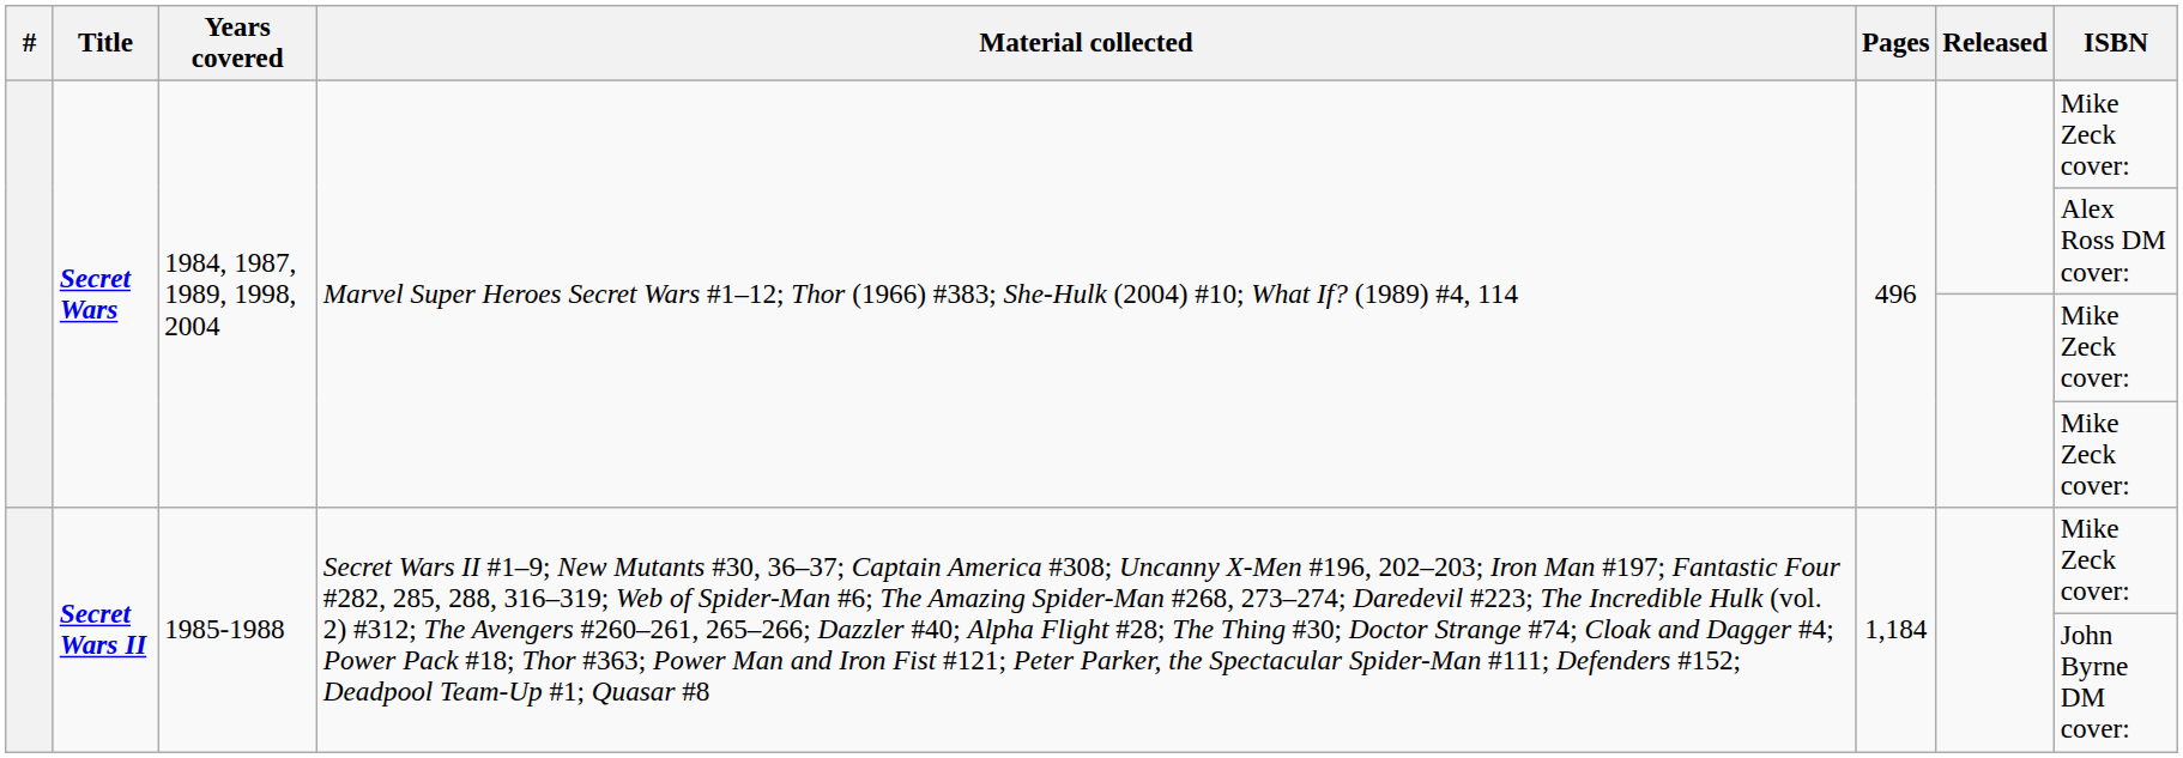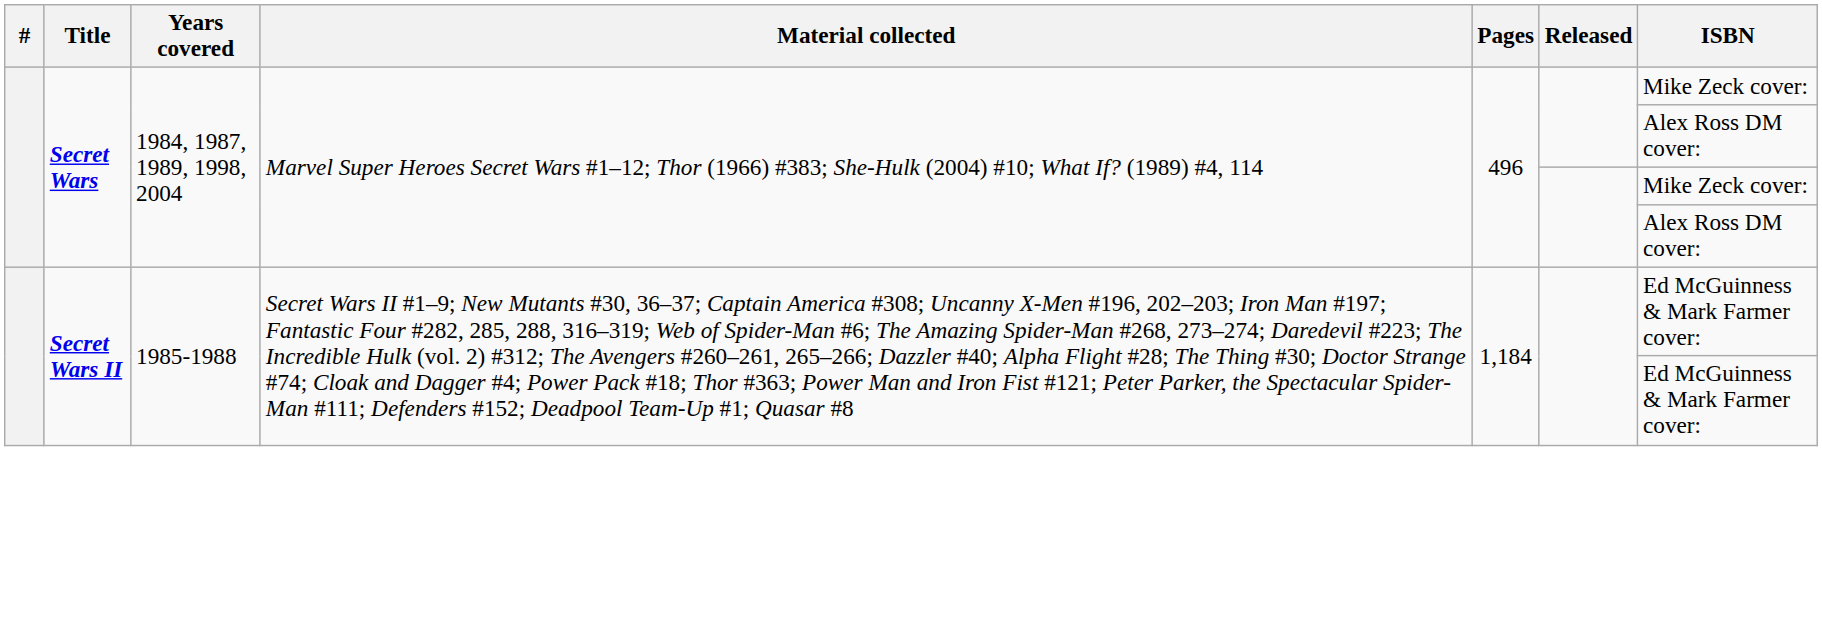 <table class="wikitable sortable" width="99%">
 <tr>
 <th class="unsortable" width="20px">#</th>
 <th>Title</th>
 <th>Years covered</th>
 <th class="unsortable">Material collected</th>
 <th>Pages</th>
 <th>Released</th>
 <th class="unsortable">ISBN</th>
 </tr>
 <tr>
 <th rowspan="4" style="background-color: light grey;"></th>
 <td rowspan="4"><strong><em><a href='#'>Secret Wars</a></em></strong></td>
 <td rowspan="4">1984, 1987, 1989, 1998, 2004</td>
 <td rowspan="4"><em>Marvel Super Heroes Secret Wars</em> #1–12; <em>Thor</em> (1966) #383; <em>She-Hulk</em> (2004) #10; <em>What If?</em> (1989) #4, 114</td>
 <td rowspan="4" style="text-align: center;">496</td>
 <td rowspan="2"></td>
 <td>Mike Zeck cover: </td>
 </tr>
 <tr>
 <td>Alex Ross DM cover: </td>
 </tr>
 <tr>
 <td rowspan="2"></td>
 <td>Mike Zeck cover: </td>
 </tr>
 <tr>
-<td>Mike Zeck cover: </td>
+<td>Alex Ross DM cover: </td>
 </tr>
 <tr>
 <th rowspan="2" style="background-color: light grey;"></th>
 <td rowspan="2"><strong><em><a href='#'>Secret Wars II</a></em></strong></td>
 <td rowspan="2">1985-1988</td>
 <td rowspan="2"><em>Secret Wars II</em> #1–9; <em>New Mutants</em> #30, 36–37; <em>Captain America</em> #308; <em>Uncanny X-Men</em> #196, 202–203; <em>Iron Man</em> #197; <em>Fantastic Four</em> #282, 285, 288, 316–319; <em>Web of Spider-Man</em> #6; <em>The Amazing Spider-Man</em> #268, 273–274; <em>Daredevil</em> #223; <em>The Incredible Hulk</em> (vol. 2) #312; <em>The Avengers</em> #260–261, 265–266; <em>Dazzler</em> #40; <em>Alpha Flight</em> #28; <em>The Thing</em> #30; <em>Doctor Strange</em> #74; <em>Cloak and Dagger</em> #4; <em>Power Pack</em> #18; <em>Thor</em> #363; <em>Power Man and Iron Fist</em> #121; <em>Peter Parker, the Spectacular Spider-Man</em> #111; <em>Defenders</em> #152; <em>Deadpool Team-Up</em> #1; <em>Quasar</em> #8</td>
 <td rowspan="2" style="text-align: center;">1,184</td>
 <td rowspan="2"></td>
-<td>Mike Zeck cover: </td>
+<td>Ed McGuinness & Mark Farmer cover: </td>
 </tr>
 <tr>
-<td>John Byrne DM cover: </td>
+<td>Ed McGuinness & Mark Farmer cover: </td>
 </tr>
 </table>
